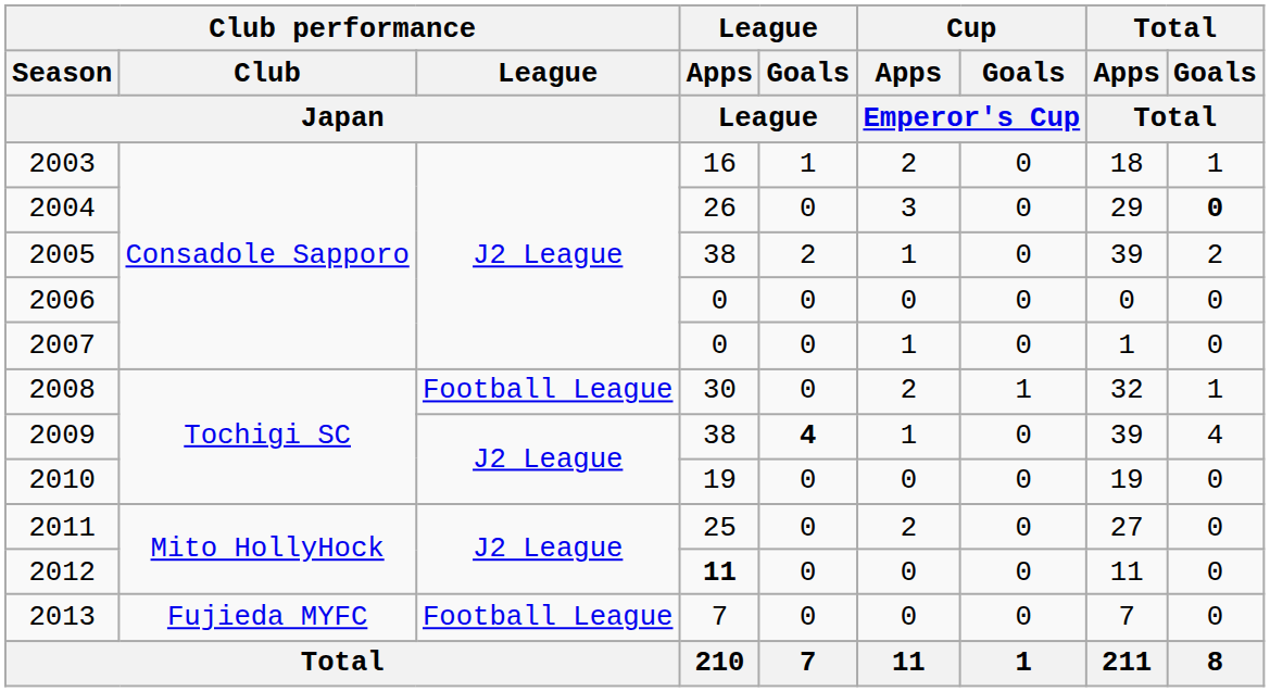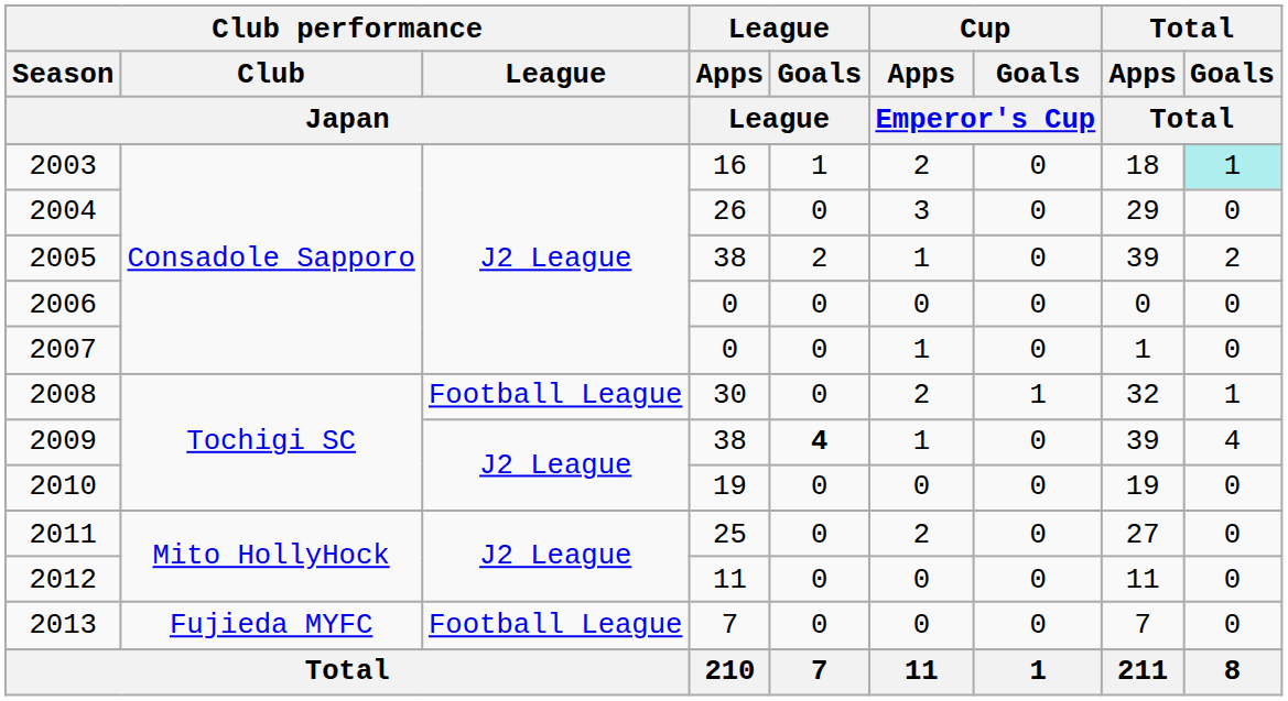 <table class="wikitable" style="text-align:center;">
 <tr>
 <th colspan=3>Club performance</th>
 <th colspan=2>League</th>
 <th colspan=2>Cup</th>
 <th colspan=2>Total</th>
 </tr>
 <tr>
 <th>Season</th>
 <th>Club</th>
 <th>League</th>
 <th>Apps</th>
 <th>Goals</th>
 <th>Apps</th>
 <th>Goals</th>
 <th>Apps</th>
 <th>Goals</th>
 </tr>
 <tr>
 <th colspan=3>Japan</th>
 <th colspan=2>League</th>
 <th colspan=2><a href='#'>Emperor's Cup</a></th>
 <th colspan=2>Total</th>
 </tr>
 <tr>
 <td>2003</td>
 <td rowspan="5"><a href='#'>Consadole Sapporo</a></td>
 <td rowspan="5"><a href='#'>J2 League</a></td>
 <td>16</td>
 <td>1</td>
 <td>2</td>
 <td>0</td>
 <td>18</td>
-<td>1</td>
+<td style="background: paleturquoise;">1</td>
 </tr>
 <tr>
 <td>2004</td>
 <td>26</td>
 <td>0</td>
 <td>3</td>
 <td>0</td>
 <td>29</td>
-<td><strong>0</strong></td>
+<td>0</td>
 </tr>
 <tr>
 <td>2005</td>
 <td>38</td>
 <td>2</td>
 <td>1</td>
 <td>0</td>
 <td>39</td>
 <td>2</td>
 </tr>
 <tr>
 <td>2006</td>
 <td>0</td>
 <td>0</td>
 <td>0</td>
 <td>0</td>
 <td>0</td>
 <td>0</td>
 </tr>
 <tr>
 <td>2007</td>
 <td>0</td>
 <td>0</td>
 <td>1</td>
 <td>0</td>
 <td>1</td>
 <td>0</td>
 </tr>
 <tr>
 <td>2008</td>
 <td rowspan="3"><a href='#'>Tochigi SC</a></td>
 <td><a href='#'>Football League</a></td>
 <td>30</td>
 <td>0</td>
 <td>2</td>
 <td>1</td>
 <td>32</td>
 <td>1</td>
 </tr>
 <tr>
 <td>2009</td>
 <td rowspan="2"><a href='#'>J2 League</a></td>
 <td>38</td>
 <td><strong>4</strong></td>
 <td>1</td>
 <td>0</td>
 <td>39</td>
 <td>4</td>
 </tr>
 <tr>
 <td>2010</td>
 <td>19</td>
 <td>0</td>
 <td>0</td>
 <td>0</td>
 <td>19</td>
 <td>0</td>
 </tr>
 <tr>
 <td>2011</td>
 <td rowspan="2"><a href='#'>Mito HollyHock</a></td>
 <td rowspan="2"><a href='#'>J2 League</a></td>
 <td>25</td>
 <td>0</td>
 <td>2</td>
 <td>0</td>
 <td>27</td>
 <td>0</td>
 </tr>
 <tr>
 <td>2012</td>
-<td><strong>11</strong></td>
+<td>11</td>
 <td>0</td>
 <td>0</td>
 <td>0</td>
 <td>11</td>
 <td>0</td>
 </tr>
 <tr>
 <td>2013</td>
 <td><a href='#'>Fujieda MYFC</a></td>
 <td><a href='#'>Football League</a></td>
 <td>7</td>
 <td>0</td>
 <td>0</td>
 <td>0</td>
 <td>7</td>
 <td>0</td>
 </tr>
 <tr>
 <th colspan=3>Total</th>
 <th>210</th>
 <th>7</th>
 <th>11</th>
 <th>1</th>
 <th>211</th>
 <th>8</th>
 </tr>
 </table>
